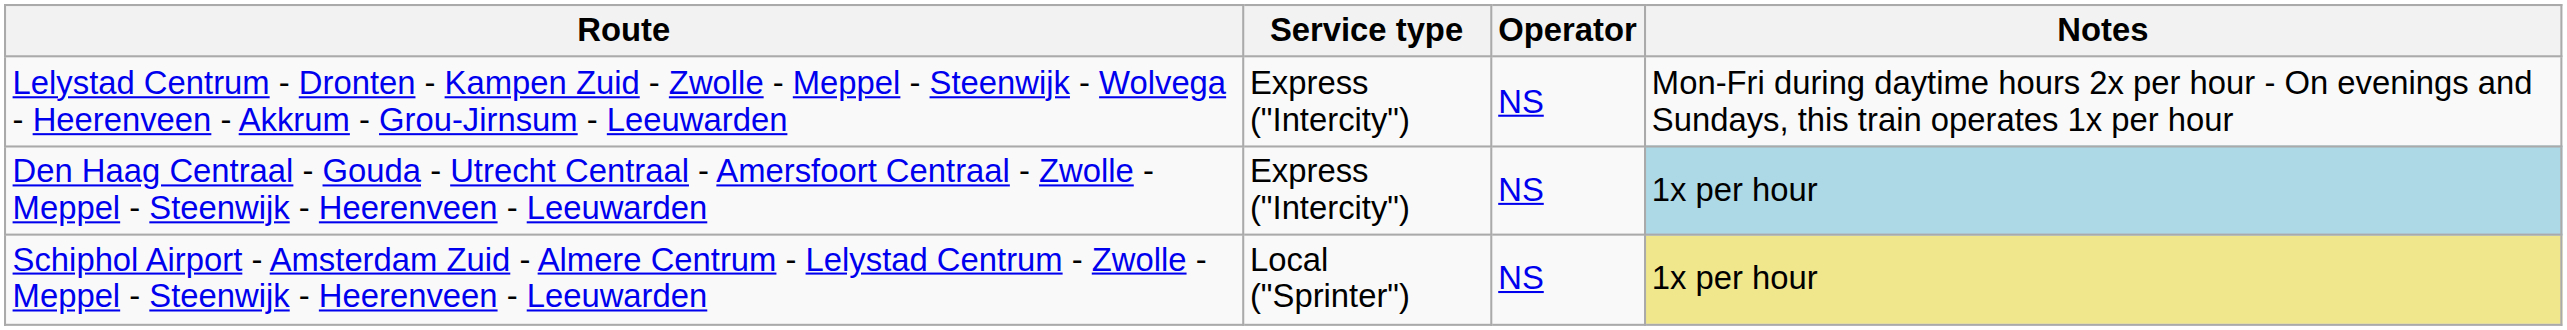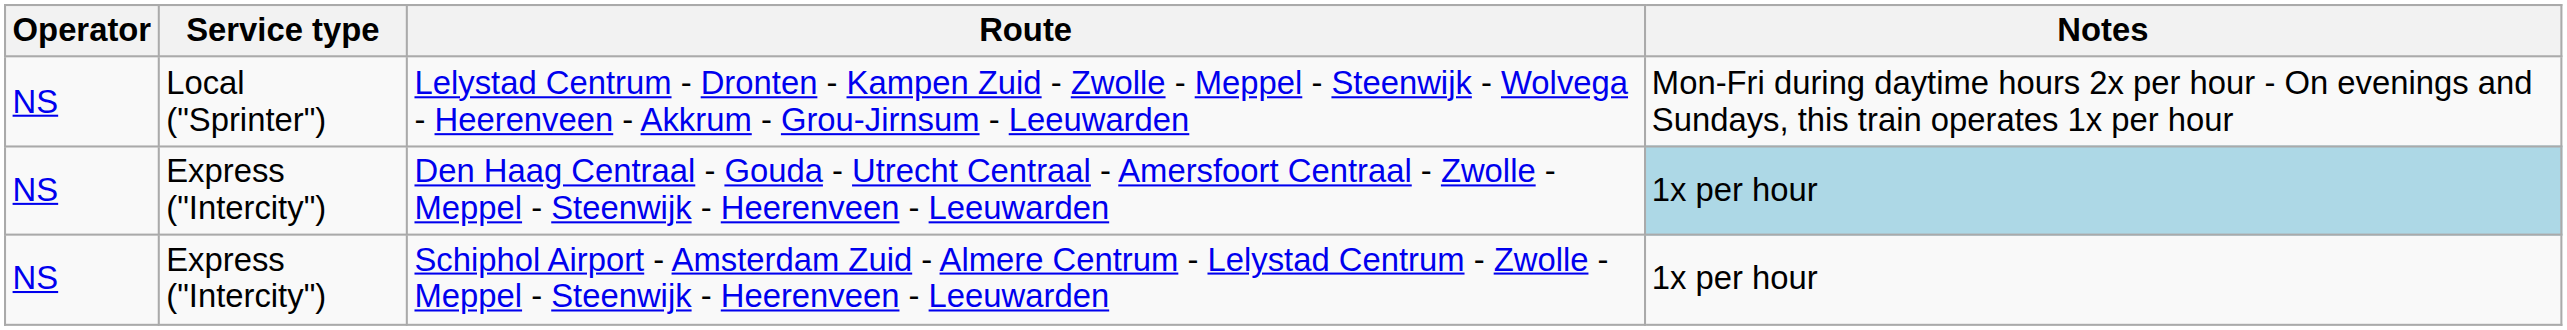 <table class="wikitable">
 <tr>
+<th>Operator</th>
+<th>Service type</th>
 <th>Route</th>
-<th>Service type</th>
-<th>Operator</th>
 <th>Notes</th>
 </tr>
 <tr>
+<td><a href='#'>NS</a></td>
+<td>Local ("Sprinter")</td>
 <td><a href='#'>Lelystad Centrum</a> - <a href='#'>Dronten</a> - <a href='#'>Kampen Zuid</a> - <a href='#'>Zwolle</a> - <a href='#'>Meppel</a> - <a href='#'>Steenwijk</a> - <a href='#'>Wolvega</a> - <a href='#'>Heerenveen</a> - <a href='#'>Akkrum</a> - <a href='#'>Grou-Jirnsum</a> - <a href='#'>Leeuwarden</a></td>
-<td>Express ("Intercity")</td>
-<td><a href='#'>NS</a></td>
 <td>Mon-Fri during daytime hours 2x per hour - On evenings and Sundays, this train operates 1x per hour</td>
 </tr>
 <tr>
+<td><a href='#'>NS</a></td>
+<td>Express ("Intercity")</td>
 <td><a href='#'>Den Haag Centraal</a> - <a href='#'>Gouda</a> - <a href='#'>Utrecht Centraal</a> - <a href='#'>Amersfoort Centraal</a> - <a href='#'>Zwolle</a> - <a href='#'>Meppel</a> - <a href='#'>Steenwijk</a> - <a href='#'>Heerenveen</a> - <a href='#'>Leeuwarden</a></td>
-<td>Express ("Intercity")</td>
-<td><a href='#'>NS</a></td>
 <td style="background: lightblue;">1x per hour</td>
 </tr>
 <tr>
+<td><a href='#'>NS</a></td>
+<td>Express ("Intercity")</td>
 <td><a href='#'>Schiphol Airport</a> - <a href='#'>Amsterdam Zuid</a> - <a href='#'>Almere Centrum</a> - <a href='#'>Lelystad Centrum</a> - <a href='#'>Zwolle</a> - <a href='#'>Meppel</a> - <a href='#'>Steenwijk</a> - <a href='#'>Heerenveen</a> - <a href='#'>Leeuwarden</a></td>
-<td>Local ("Sprinter")</td>
-<td><a href='#'>NS</a></td>
-<td style="background: khaki;">1x per hour</td>
+<td>1x per hour</td>
 </tr>
 </table>
